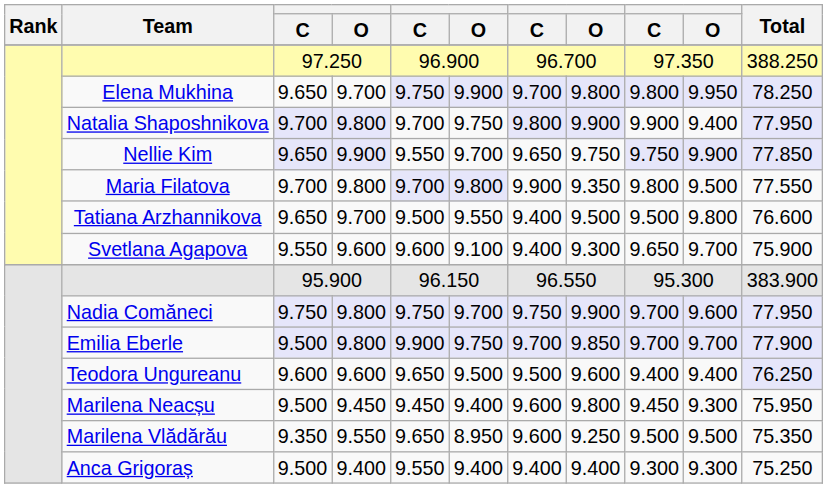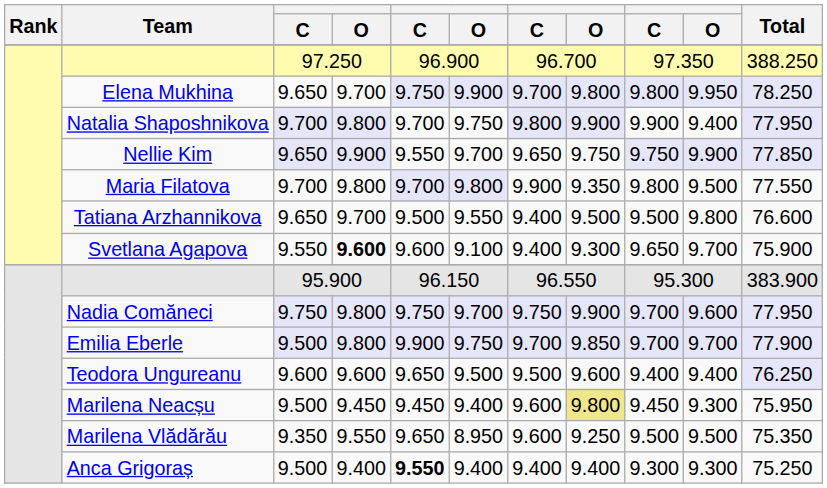 <table class="wikitable" style="text-align:center; font-size:95%">
 <tr>
 <th rowspan=2>Rank</th>
 <th rowspan=2>Team</th>
 <th colspan=2></th>
 <th colspan=2></th>
 <th colspan=2></th>
 <th colspan=2></th>
 <th rowspan=2>Total</th>
 </tr>
 <tr>
 <th>C</th>
 <th>O</th>
 <th>C</th>
 <th>O</th>
 <th>C</th>
 <th>O</th>
 <th>C</th>
 <th>O</th>
 </tr>
 <tr>
 </tr>
 <tr style="background:#fffcaf;">
 <td rowspan="7"></td>
 <td style="text-align:left;"><strong></strong></td>
 <td colspan=2>97.250</td>
 <td colspan=2>96.900</td>
 <td colspan=2>96.700</td>
 <td colspan="2">97.350</td>
 <td colspan=1>388.250</td>
 </tr>
 <tr>
 <td><a href='#'>Elena Mukhina</a></td>
 <td>9.650</td>
 <td>9.700</td>
 <td bgcolor="lavender">9.750</td>
 <td bgcolor="lavender">9.900</td>
 <td bgcolor="lavender">9.700</td>
 <td bgcolor="lavender">9.800</td>
 <td bgcolor="lavender">9.800</td>
 <td bgcolor="lavender">9.950</td>
 <td bgcolor="lavender">78.250</td>
 </tr>
 <tr>
 <td><a href='#'>Natalia Shaposhnikova</a></td>
 <td bgcolor="lavender">9.700</td>
 <td bgcolor="lavender">9.800</td>
 <td>9.700</td>
 <td>9.750</td>
 <td bgcolor="lavender">9.800</td>
 <td bgcolor="lavender">9.900</td>
 <td>9.900</td>
 <td>9.400</td>
 <td bgcolor="lavender">77.950</td>
 </tr>
 <tr>
 <td><a href='#'>Nellie Kim</a></td>
 <td bgcolor="lavender">9.650</td>
 <td bgcolor="lavender">9.900</td>
 <td>9.550</td>
 <td>9.700</td>
 <td>9.650</td>
 <td>9.750</td>
 <td bgcolor="lavender">9.750</td>
 <td bgcolor="lavender">9.900</td>
 <td bgcolor="lavender">77.850</td>
 </tr>
 <tr>
 <td><a href='#'>Maria Filatova</a></td>
 <td>9.700</td>
 <td>9.800</td>
 <td bgcolor="lavender">9.700</td>
 <td bgcolor="lavender">9.800</td>
 <td>9.900</td>
 <td>9.350</td>
 <td>9.800</td>
 <td>9.500</td>
 <td>77.550</td>
 </tr>
 <tr>
 <td><a href='#'>Tatiana Arzhannikova</a></td>
 <td>9.650</td>
 <td>9.700</td>
 <td>9.500</td>
 <td>9.550</td>
 <td>9.400</td>
 <td>9.500</td>
 <td>9.500</td>
 <td>9.800</td>
 <td>76.600</td>
 </tr>
 <tr>
 <td><a href='#'>Svetlana Agapova</a></td>
 <td>9.550</td>
-<td>9.600</td>
+<td><strong>9.600</strong></td>
 <td>9.600</td>
 <td>9.100</td>
 <td>9.400</td>
 <td>9.300</td>
 <td>9.650</td>
 <td>9.700</td>
 <td>75.900</td>
 </tr>
 <tr>
 </tr>
 <tr style="background:#e5e5e5;">
 <td rowspan=7></td>
 <td style="text-align=left;"><strong></strong></td>
 <td colspan="2">95.900</td>
 <td colspan="2">96.150</td>
 <td colspan="2">96.550</td>
 <td colspan="2">95.300</td>
 <td>383.900</td>
 </tr>
 <tr>
 <td align=left><a href='#'>Nadia Comăneci</a></td>
 <td bgcolor="lavender">9.750</td>
 <td bgcolor="lavender">9.800</td>
 <td bgcolor="lavender">9.750</td>
 <td bgcolor="lavender">9.700</td>
 <td bgcolor="lavender">9.750</td>
 <td bgcolor="lavender">9.900</td>
 <td bgcolor="lavender">9.700</td>
 <td bgcolor="lavender">9.600</td>
 <td bgcolor="lavender">77.950</td>
 </tr>
 <tr>
 <td align=left><a href='#'>Emilia Eberle</a></td>
 <td bgcolor="lavender">9.500</td>
 <td bgcolor="lavender">9.800</td>
 <td bgcolor="lavender">9.900</td>
 <td bgcolor="lavender">9.750</td>
 <td bgcolor="lavender">9.700</td>
 <td bgcolor="lavender">9.850</td>
 <td bgcolor="lavender">9.700</td>
 <td bgcolor="lavender">9.700</td>
 <td bgcolor="lavender">77.900</td>
 </tr>
 <tr>
 <td align=left><a href='#'>Teodora Ungureanu</a></td>
 <td>9.600</td>
 <td>9.600</td>
 <td>9.650</td>
 <td>9.500</td>
 <td>9.500</td>
 <td>9.600</td>
 <td>9.400</td>
 <td>9.400</td>
 <td bgcolor="lavender">76.250</td>
 </tr>
 <tr>
 <td align=left><a href='#'>Marilena Neacșu</a></td>
 <td>9.500</td>
 <td>9.450</td>
 <td>9.450</td>
 <td>9.400</td>
 <td>9.600</td>
-<td>9.800</td>
+<td style="background: khaki;">9.800</td>
 <td>9.450</td>
 <td>9.300</td>
 <td>75.950</td>
 </tr>
 <tr>
 <td align=left><a href='#'>Marilena Vlădărău</a></td>
 <td>9.350</td>
 <td>9.550</td>
 <td>9.650</td>
 <td>8.950</td>
 <td>9.600</td>
 <td>9.250</td>
 <td>9.500</td>
 <td>9.500</td>
 <td>75.350</td>
 </tr>
 <tr>
 <td align=left><a href='#'>Anca Grigoraș</a></td>
 <td>9.500</td>
 <td>9.400</td>
-<td>9.550</td>
+<td><strong>9.550</strong></td>
 <td>9.400</td>
 <td>9.400</td>
 <td>9.400</td>
 <td>9.300</td>
 <td>9.300</td>
 <td>75.250</td>
 </tr>
 </table>
